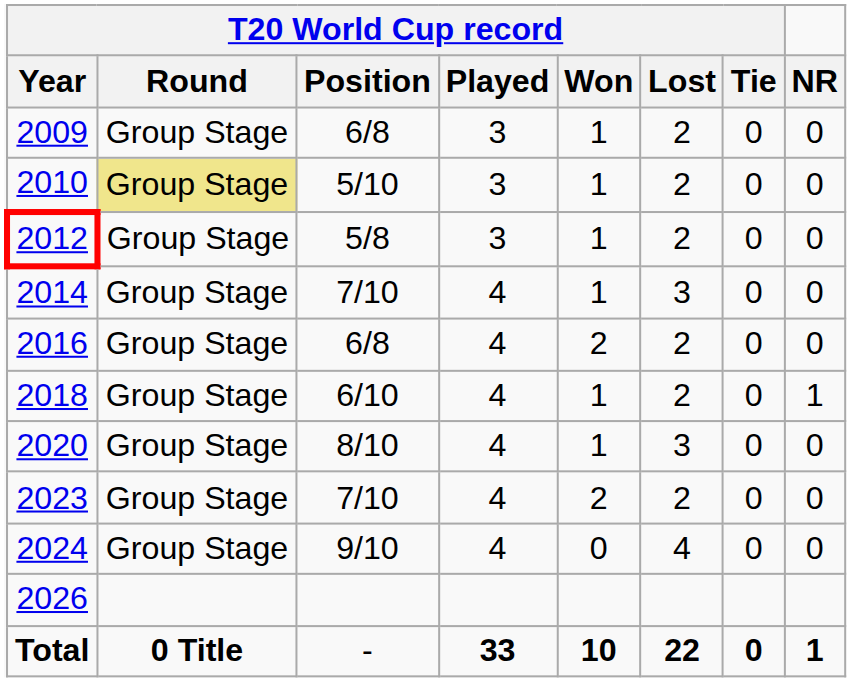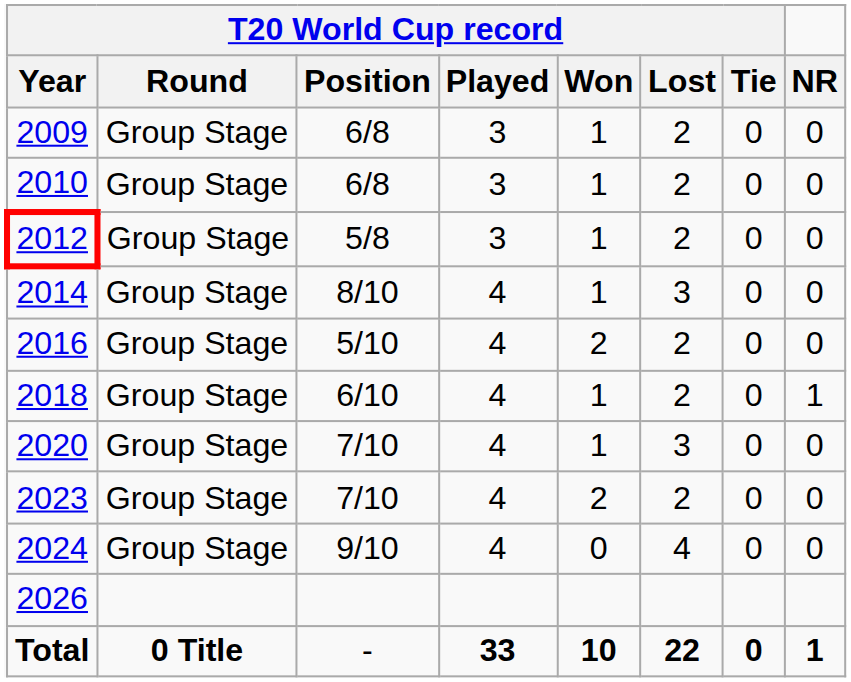 <table class="wikitable" style="text-align: center; width=900px;">
 <tr>
 <th colspan=7><a href='#'>T20 World Cup record</a></th>
 </tr>
 <tr>
 <th>Year</th>
 <th>Round</th>
 <th>Position</th>
 <th>Played</th>
 <th>Won</th>
 <th>Lost</th>
 <th>Tie</th>
 <th>NR</th>
 </tr>
 <tr>
 <td> <a href='#'>2009</a></td>
 <td>Group Stage</td>
 <td>6/8</td>
 <td>3</td>
 <td>1</td>
 <td>2</td>
 <td>0</td>
 <td>0</td>
 </tr>
 <tr>
 <td> <a href='#'>2010</a></td>
-<td style="background: khaki;">Group Stage</td>
-<td>5/10</td>
+<td>Group Stage</td>
+<td>6/8</td>
 <td>3</td>
 <td>1</td>
 <td>2</td>
 <td>0</td>
 <td>0</td>
 </tr>
 <tr>
 <td style="border: 3px solid red"> <a href='#'>2012</a></td>
 <td>Group Stage</td>
 <td>5/8</td>
 <td>3</td>
 <td>1</td>
 <td>2</td>
 <td>0</td>
 <td>0</td>
 </tr>
 <tr>
 <td> <a href='#'>2014</a></td>
 <td>Group Stage</td>
-<td>7/10</td>
+<td>8/10</td>
 <td>4</td>
 <td>1</td>
 <td>3</td>
 <td>0</td>
 <td>0</td>
 </tr>
 <tr>
 <td> <a href='#'>2016</a></td>
 <td>Group Stage</td>
-<td>6/8</td>
+<td>5/10</td>
 <td>4</td>
 <td>2</td>
 <td>2</td>
 <td>0</td>
 <td>0</td>
 </tr>
 <tr>
 <td> <a href='#'>2018</a></td>
 <td>Group Stage</td>
 <td>6/10</td>
 <td>4</td>
 <td>1</td>
 <td>2</td>
 <td>0</td>
 <td>1</td>
 </tr>
 <tr>
 <td> <a href='#'>2020</a></td>
 <td>Group Stage</td>
-<td>8/10</td>
+<td>7/10</td>
 <td>4</td>
 <td>1</td>
 <td>3</td>
 <td>0</td>
 <td>0</td>
 </tr>
 <tr>
 <td> <a href='#'>2023</a></td>
 <td>Group Stage</td>
 <td>7/10</td>
 <td>4</td>
 <td>2</td>
 <td>2</td>
 <td>0</td>
 <td>0</td>
 </tr>
 <tr>
 <td> <a href='#'>2024</a></td>
 <td>Group Stage</td>
 <td>9/10</td>
 <td>4</td>
 <td>0</td>
 <td>4</td>
 <td>0</td>
 <td>0</td>
 </tr>
 <tr>
 <td> <a href='#'>2026</a></td>
 <td></td>
 <td></td>
 <td></td>
 <td></td>
 <td></td>
 <td></td>
 </tr>
 <tr>
 <td><strong>Total</strong></td>
 <td><strong>0 Title</strong></td>
 <td>-</td>
 <td><strong>33</strong></td>
 <td><strong>10</strong></td>
 <td><strong>22</strong></td>
 <td><strong>0</strong></td>
 <td><strong>1</strong></td>
 </tr>
 </table>
